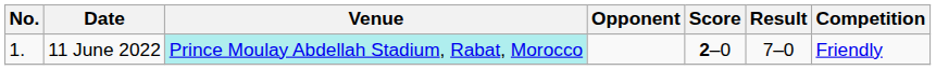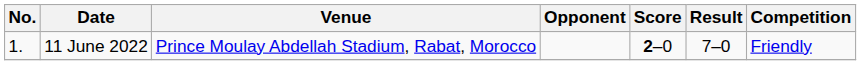 <table class="wikitable">
 <tr>
 <th>No.</th>
 <th>Date</th>
 <th>Venue</th>
 <th>Opponent</th>
 <th>Score</th>
 <th>Result</th>
 <th>Competition</th>
 </tr>
 <tr>
 <td>1.</td>
 <td>11 June 2022</td>
-<td style="background: paleturquoise;"><a href='#'>Prince Moulay Abdellah Stadium</a>, <a href='#'>Rabat</a>, <a href='#'>Morocco</a></td>
+<td><a href='#'>Prince Moulay Abdellah Stadium</a>, <a href='#'>Rabat</a>, <a href='#'>Morocco</a></td>
 <td></td>
 <td align=center><strong>2</strong>–0</td>
 <td align=center>7–0</td>
 <td><a href='#'>Friendly</a></td>
 </tr>
 <tr>
 </tr>
 </table>
